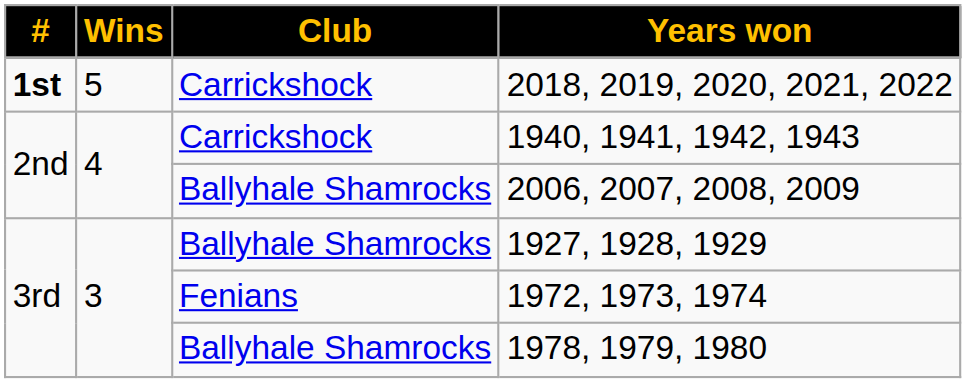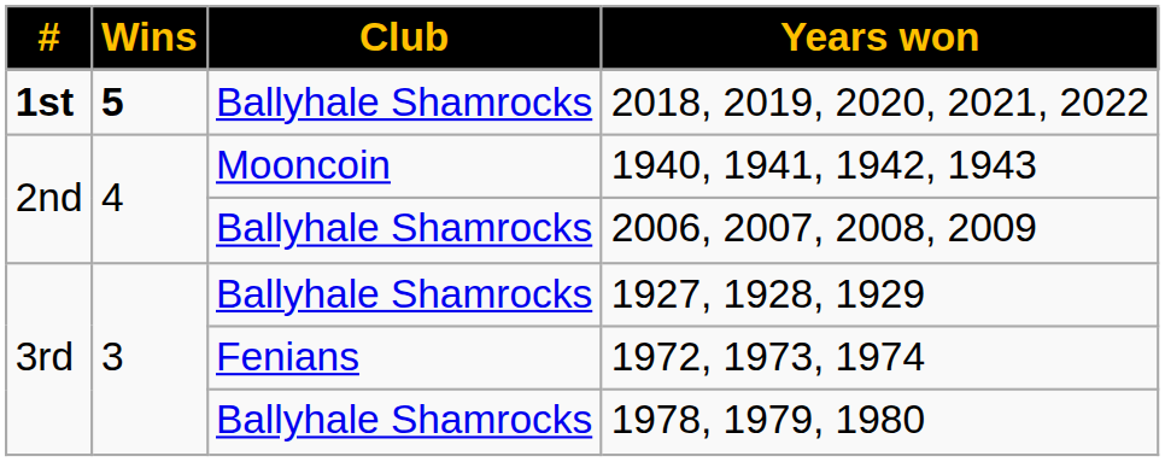 <table class="wikitable">
 <tr>
 <th style="background:black;color:#FFC000;">#</th>
 <th style="background:black;color:#FFC000;">Wins</th>
 <th style="background:black;color:#FFC000;">Club</th>
 <th style="background:black;color:#FFC000;">Years won</th>
 </tr>
 <tr>
 <td rowspan=1><strong>1st</strong></td>
-<td rowspan=1>5</td>
-<td><a href='#'>Carrickshock</a></td>
+<td rowspan=1><strong>5</strong></td>
+<td><a href='#'>Ballyhale Shamrocks</a></td>
 <td>2018, 2019, 2020, 2021, 2022</td>
 </tr>
 <tr>
 <td rowspan=2>2nd</td>
 <td rowspan=2>4</td>
-<td><a href='#'>Carrickshock</a></td>
+<td><a href='#'>Mooncoin</a></td>
 <td>1940, 1941, 1942, 1943</td>
 </tr>
 <tr>
 <td><a href='#'>Ballyhale Shamrocks</a></td>
 <td>2006, 2007, 2008, 2009</td>
 </tr>
 <tr>
 <td rowspan=3>3rd</td>
 <td rowspan=3>3</td>
 <td><a href='#'>Ballyhale Shamrocks</a></td>
 <td>1927, 1928, 1929</td>
 </tr>
 <tr>
 <td><a href='#'>Fenians</a></td>
 <td>1972, 1973, 1974</td>
 </tr>
 <tr>
 <td><a href='#'>Ballyhale Shamrocks</a></td>
 <td>1978, 1979, 1980</td>
 </tr>
 </table>
